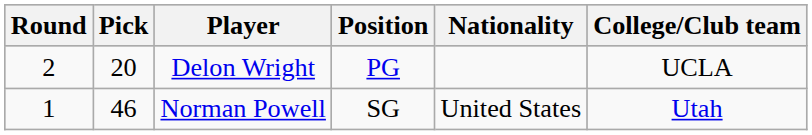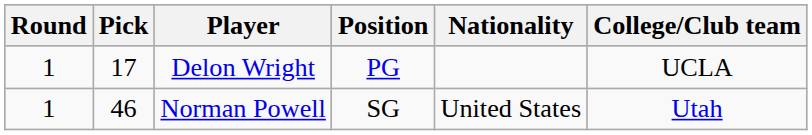 <table class="wikitable sortable sortable">
 <tr>
 <th>Round</th>
 <th>Pick</th>
 <th>Player</th>
 <th>Position</th>
 <th>Nationality</th>
 <th>College/Club team</th>
 </tr>
 <tr style="text-align: center">
-<td>2</td>
-<td>20</td>
+<td>1</td>
+<td>17</td>
 <td><a href='#'>Delon Wright</a></td>
 <td><a href='#'>PG</a></td>
 <td></td>
 <td>UCLA</td>
 </tr>
 <tr style="text-align: center">
 <td>1</td>
 <td>46</td>
 <td><a href='#'>Norman Powell</a></td>
 <td>SG</td>
 <td>United States</td>
 <td><a href='#'>Utah</a></td>
 </tr>
 </table>
